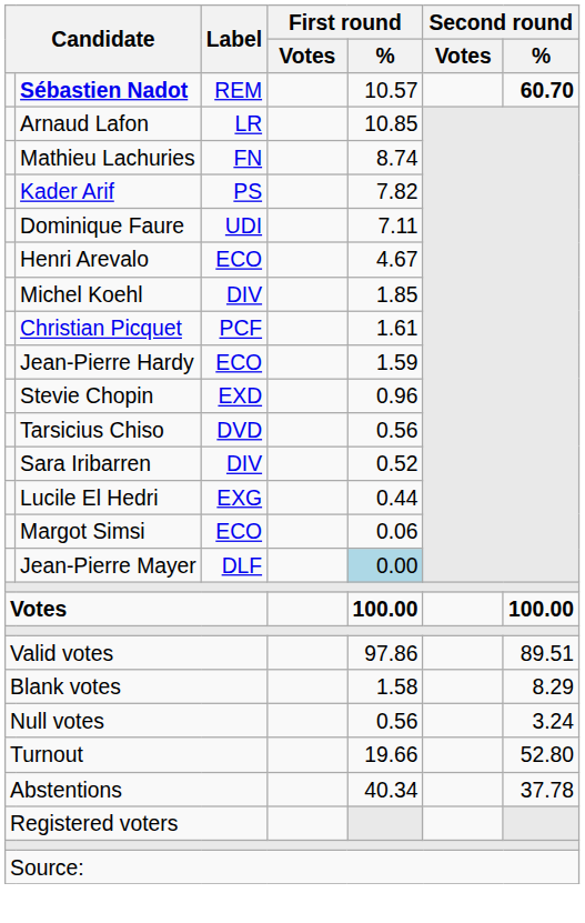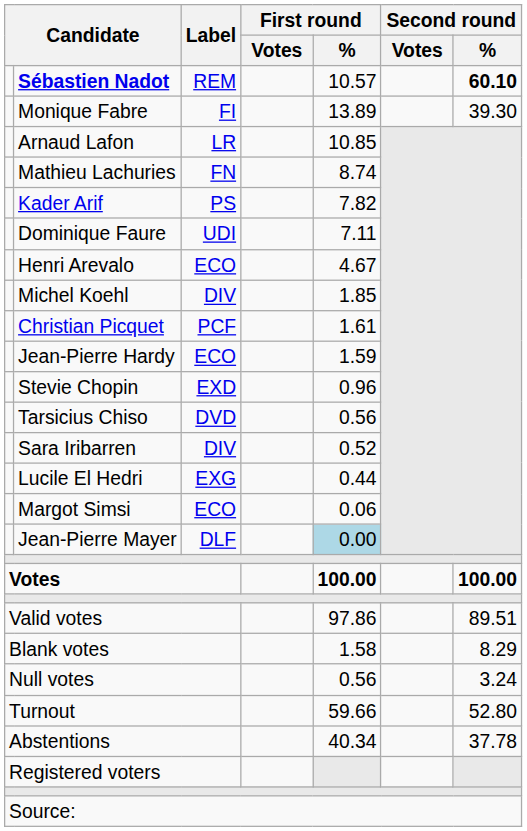 <table class="wikitable" style="text-align:right;font-size:95%;">
 <tr>
 <th rowspan="2" colspan="2">Candidate</th>
 <th rowspan="2">Label</th>
 <th colspan="2">First round</th>
 <th colspan="2">Second round</th>
 </tr>
 <tr>
 <th style="width:50px;">Votes</th>
 <th style="width:45px;">%</th>
 <th style="width:50px;">Votes</th>
 <th style="width:45px;">%</th>
 </tr>
 <tr>
 <td style="color:inherit;background:"></td>
 <td style="text-align:left;"><strong><a href='#'>Sébastien Nadot</a></strong></td>
 <td><a href='#'>REM</a></td>
 <td></td>
 <td>10.57</td>
 <td><strong></strong></td>
-<td><strong>60.70</strong></td>
+<td><strong>60.10</strong></td>
+</tr>
+<tr>
+<td style="color:inherit;background:"></td>
+<td style="text-align:left;">Monique Fabre</td>
+<td><a href='#'>FI</a></td>
+<td></td>
+<td>13.89</td>
+<td></td>
+<td>39.30</td>
 </tr>
 <tr>
 <td style="color:inherit;background:"></td>
 <td style="text-align:left;">Arnaud Lafon</td>
 <td><a href='#'>LR</a></td>
 <td></td>
 <td>10.85</td>
 <td colspan="2" rowspan="14" style="background:#E9E9E9;"></td>
 </tr>
 <tr>
 <td style="color:inherit;background:"></td>
 <td style="text-align:left;">Mathieu Lachuries</td>
 <td><a href='#'>FN</a></td>
 <td></td>
 <td>8.74</td>
 </tr>
 <tr>
 <td style="color:inherit;background:"></td>
 <td style="text-align:left;"><a href='#'>Kader Arif</a></td>
 <td><a href='#'>PS</a></td>
 <td></td>
 <td>7.82</td>
 </tr>
 <tr>
 <td style="color:inherit;background:"></td>
 <td style="text-align:left;">Dominique Faure</td>
 <td><a href='#'>UDI</a></td>
 <td></td>
 <td>7.11</td>
 </tr>
 <tr>
 <td style="color:inherit;background:"></td>
 <td style="text-align:left;">Henri Arevalo</td>
 <td><a href='#'>ECO</a></td>
 <td></td>
 <td>4.67</td>
 </tr>
 <tr>
 <td style="color:inherit;background:"></td>
 <td style="text-align:left;">Michel Koehl</td>
 <td><a href='#'>DIV</a></td>
 <td></td>
 <td>1.85</td>
 </tr>
 <tr>
 <td style="color:inherit;background:"></td>
 <td style="text-align:left;"><a href='#'>Christian Picquet</a></td>
 <td><a href='#'>PCF</a></td>
 <td></td>
 <td>1.61</td>
 </tr>
 <tr>
 <td style="color:inherit;background:"></td>
 <td style="text-align:left;">Jean-Pierre Hardy</td>
 <td><a href='#'>ECO</a></td>
 <td></td>
 <td>1.59</td>
 </tr>
 <tr>
 <td style="color:inherit;background:"></td>
 <td style="text-align:left;">Stevie Chopin</td>
 <td><a href='#'>EXD</a></td>
 <td></td>
 <td>0.96</td>
 </tr>
 <tr>
 <td style="color:inherit;background:"></td>
 <td style="text-align:left;">Tarsicius Chiso</td>
 <td><a href='#'>DVD</a></td>
 <td></td>
 <td>0.56</td>
 </tr>
 <tr>
 <td style="color:inherit;background:"></td>
 <td style="text-align:left;">Sara Iribarren</td>
 <td><a href='#'>DIV</a></td>
 <td></td>
 <td>0.52</td>
 </tr>
 <tr>
 <td style="color:inherit;background:"></td>
 <td style="text-align:left;">Lucile El Hedri</td>
 <td><a href='#'>EXG</a></td>
 <td></td>
 <td>0.44</td>
 </tr>
 <tr>
 <td style="color:inherit;background:"></td>
 <td style="text-align:left;">Margot Simsi</td>
 <td><a href='#'>ECO</a></td>
 <td></td>
 <td>0.06</td>
 </tr>
 <tr>
 <td style="color:inherit;background:"></td>
 <td style="text-align:left;">Jean-Pierre Mayer</td>
 <td><a href='#'>DLF</a></td>
 <td></td>
 <td style="background: lightblue;">0.00</td>
 </tr>
 <tr>
 <td colspan="7" style="background:#E9E9E9;"></td>
 </tr>
 <tr style="font-weight:bold;">
 <td colspan="3" style="text-align:left;">Votes</td>
 <td></td>
 <td>100.00</td>
 <td></td>
 <td>100.00</td>
 </tr>
 <tr>
 <td colspan="7" style="background:#E9E9E9;"></td>
 </tr>
 <tr>
 <td colspan="3" style="text-align:left;">Valid votes</td>
 <td></td>
 <td>97.86</td>
 <td></td>
 <td>89.51</td>
 </tr>
 <tr>
 <td colspan="3" style="text-align:left;">Blank votes</td>
 <td></td>
 <td>1.58</td>
 <td></td>
 <td>8.29</td>
 </tr>
 <tr>
 <td colspan="3" style="text-align:left;">Null votes</td>
 <td></td>
 <td>0.56</td>
 <td></td>
 <td>3.24</td>
 </tr>
 <tr>
 <td colspan="3" style="text-align:left;">Turnout</td>
 <td></td>
-<td>19.66</td>
+<td>59.66</td>
 <td></td>
 <td>52.80</td>
 </tr>
 <tr>
 <td colspan="3" style="text-align:left;">Abstentions</td>
 <td></td>
 <td>40.34</td>
 <td></td>
 <td>37.78</td>
 </tr>
 <tr>
 <td colspan="3" style="text-align:left;">Registered voters</td>
 <td></td>
 <td style="color:inherit;background:#E9E9E9;"></td>
 <td></td>
 <td style="color:inherit;background:#E9E9E9;"></td>
 </tr>
 <tr>
 <td colspan="7" style="background:#E9E9E9;"></td>
 </tr>
 <tr>
 <td colspan="7" style="text-align:left;">Source: </td>
 </tr>
 </table>
